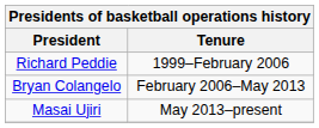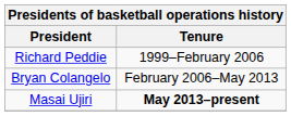 <table class="wikitable" style="text-align:center">
 <tr>
 <th colspan="2">Presidents of basketball operations history</th>
 </tr>
 <tr>
 <th>President</th>
 <th>Tenure</th>
 </tr>
 <tr>
 <td><a href='#'>Richard Peddie</a></td>
 <td>1999–February 2006</td>
 </tr>
 <tr>
 <td><a href='#'>Bryan Colangelo</a></td>
 <td>February 2006–May 2013</td>
 </tr>
 <tr>
 <td><a href='#'>Masai Ujiri</a></td>
-<td>May 2013–present</td>
+<td><strong>May 2013–present</strong></td>
 </tr>
 <tr>
 </tr>
 </table>
